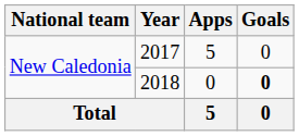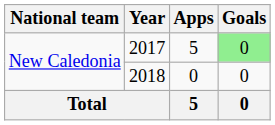 <table class="wikitable" style="text-align:center">
 <tr>
 <th>National team</th>
 <th>Year</th>
 <th>Apps</th>
 <th>Goals</th>
 </tr>
 <tr>
 <td rowspan="2"><a href='#'>New Caledonia</a></td>
 <td>2017</td>
 <td>5</td>
-<td>0</td>
+<td style="background: lightgreen;">0</td>
 </tr>
 <tr>
 <td>2018</td>
 <td>0</td>
-<td><strong>0</strong></td>
+<td>0</td>
 </tr>
 <tr>
 <th colspan=2>Total</th>
 <th>5</th>
 <th>0</th>
 </tr>
 </table>
